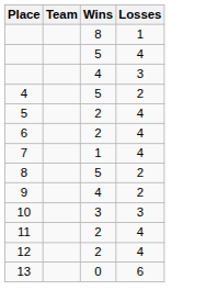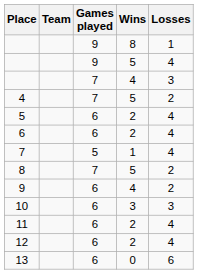 <table class="wikitable" style="text-align:center;">
 <tr>
 <th>Place</th>
 <th>Team</th>
+<th>Games<br>played</th>
 <th>Wins</th>
 <th>Losses</th>
 </tr>
 <tr>
 <td></td>
 <td align=left></td>
+<td>9</td>
 <td>8</td>
 <td>1</td>
 </tr>
 <tr>
 <td></td>
 <td align=left></td>
+<td>9</td>
 <td>5</td>
 <td>4</td>
 </tr>
 <tr>
 <td></td>
 <td align=left></td>
+<td>7</td>
 <td>4</td>
 <td>3</td>
 </tr>
 <tr>
 <td>4</td>
 <td align=left></td>
+<td>7</td>
 <td>5</td>
 <td>2</td>
 </tr>
 <tr>
 <td>5</td>
 <td align=left></td>
+<td>6</td>
 <td>2</td>
 <td>4</td>
 </tr>
 <tr>
 <td>6</td>
 <td align=left></td>
+<td>6</td>
 <td>2</td>
 <td>4</td>
 </tr>
 <tr>
 <td>7</td>
 <td align=left></td>
+<td>5</td>
 <td>1</td>
 <td>4</td>
 </tr>
 <tr>
 <td>8</td>
 <td align=left></td>
+<td>7</td>
 <td>5</td>
 <td>2</td>
 </tr>
 <tr>
 <td>9</td>
 <td align=left></td>
+<td>6</td>
 <td>4</td>
 <td>2</td>
 </tr>
 <tr>
 <td>10</td>
 <td align=left></td>
+<td>6</td>
 <td>3</td>
 <td>3</td>
 </tr>
 <tr>
 <td>11</td>
 <td align=left></td>
+<td>6</td>
 <td>2</td>
 <td>4</td>
 </tr>
 <tr>
 <td>12</td>
 <td align=left></td>
+<td>6</td>
 <td>2</td>
 <td>4</td>
 </tr>
 <tr>
 <td>13</td>
 <td align=left></td>
+<td>6</td>
 <td>0</td>
 <td>6</td>
 </tr>
 </table>
